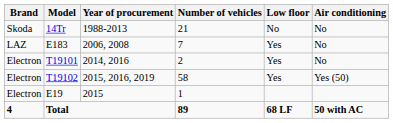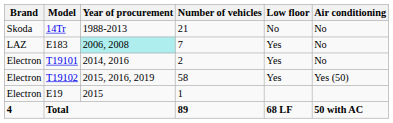 <table class="wikitable">
 <tr>
 <th>Brand</th>
 <th>Model</th>
 <th>Year of procurement</th>
 <th>Number of vehicles</th>
 <th>Low floor</th>
 <th>Air conditioning</th>
 </tr>
 <tr>
 <td>Skoda</td>
 <td><a href='#'>14Tr</a></td>
 <td>1988-2013</td>
 <td>21</td>
 <td>No</td>
 <td>No</td>
 </tr>
 <tr>
 <td>LAZ</td>
 <td>E183</td>
-<td>2006, 2008</td>
+<td style="background: paleturquoise;">2006, 2008</td>
 <td>7</td>
 <td>Yes</td>
 <td>No</td>
 </tr>
 <tr>
 <td>Electron</td>
 <td><a href='#'>T19101</a></td>
 <td>2014, 2016</td>
 <td>2</td>
 <td>Yes</td>
 <td>No</td>
 </tr>
 <tr>
 <td>Electron</td>
 <td><a href='#'>T19102</a></td>
 <td>2015, 2016, 2019</td>
 <td>58</td>
 <td>Yes</td>
 <td>Yes (50)</td>
 </tr>
 <tr>
 <td>Electron</td>
 <td>E19</td>
 <td>2015</td>
 <td>1</td>
 <td></td>
 <td></td>
 </tr>
 <tr>
 <td><strong>4</strong></td>
 <td colspan="2"><strong>Total</strong></td>
 <td><strong>89</strong></td>
 <td><strong>68 LF</strong></td>
 <td><strong>50 with AC</strong></td>
 </tr>
 </table>
